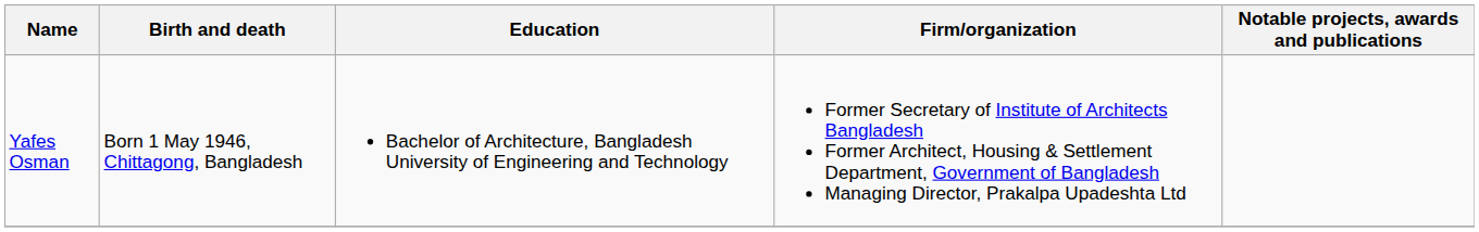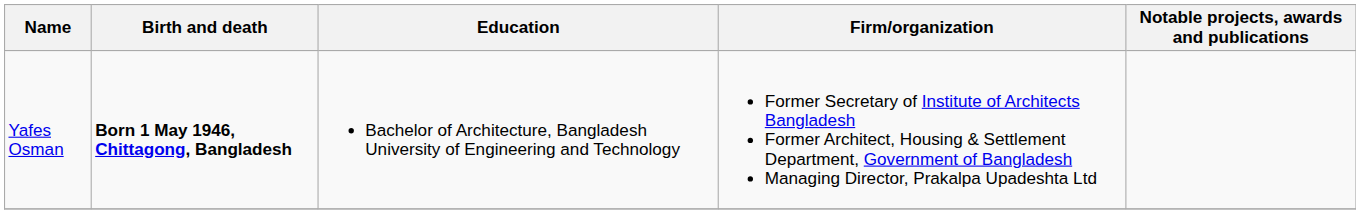 <table class="wikitable" width=100%>
 <tr bgcolor=#efefef>
 <th>Name</th>
 <th>Birth and death</th>
 <th>Education</th>
 <th>Firm/organization</th>
 <th>Notable projects, awards and publications</th>
 </tr>
 <tr>
 <td><br><a href='#'>Yafes Osman</a></td>
-<td><br>Born 1 May 1946, <a href='#'>Chittagong</a>, Bangladesh</td>
+<td><strong><br>Born 1 May 1946, <a href='#'>Chittagong</a>, Bangladesh</strong></td>
 <td><br><ul><li>Bachelor of Architecture, Bangladesh University of Engineering and Technology</li></ul></td>
 <td><br><ul><li>Former Secretary of <a href='#'>Institute of Architects Bangladesh</a></li><li>Former Architect, Housing & Settlement Department, <a href='#'>Government of Bangladesh</a></li><li>Managing Director, Prakalpa Upadeshta Ltd</li></ul></td>
 <td></td>
 </tr>
 <tr>
 </tr>
 </table>
